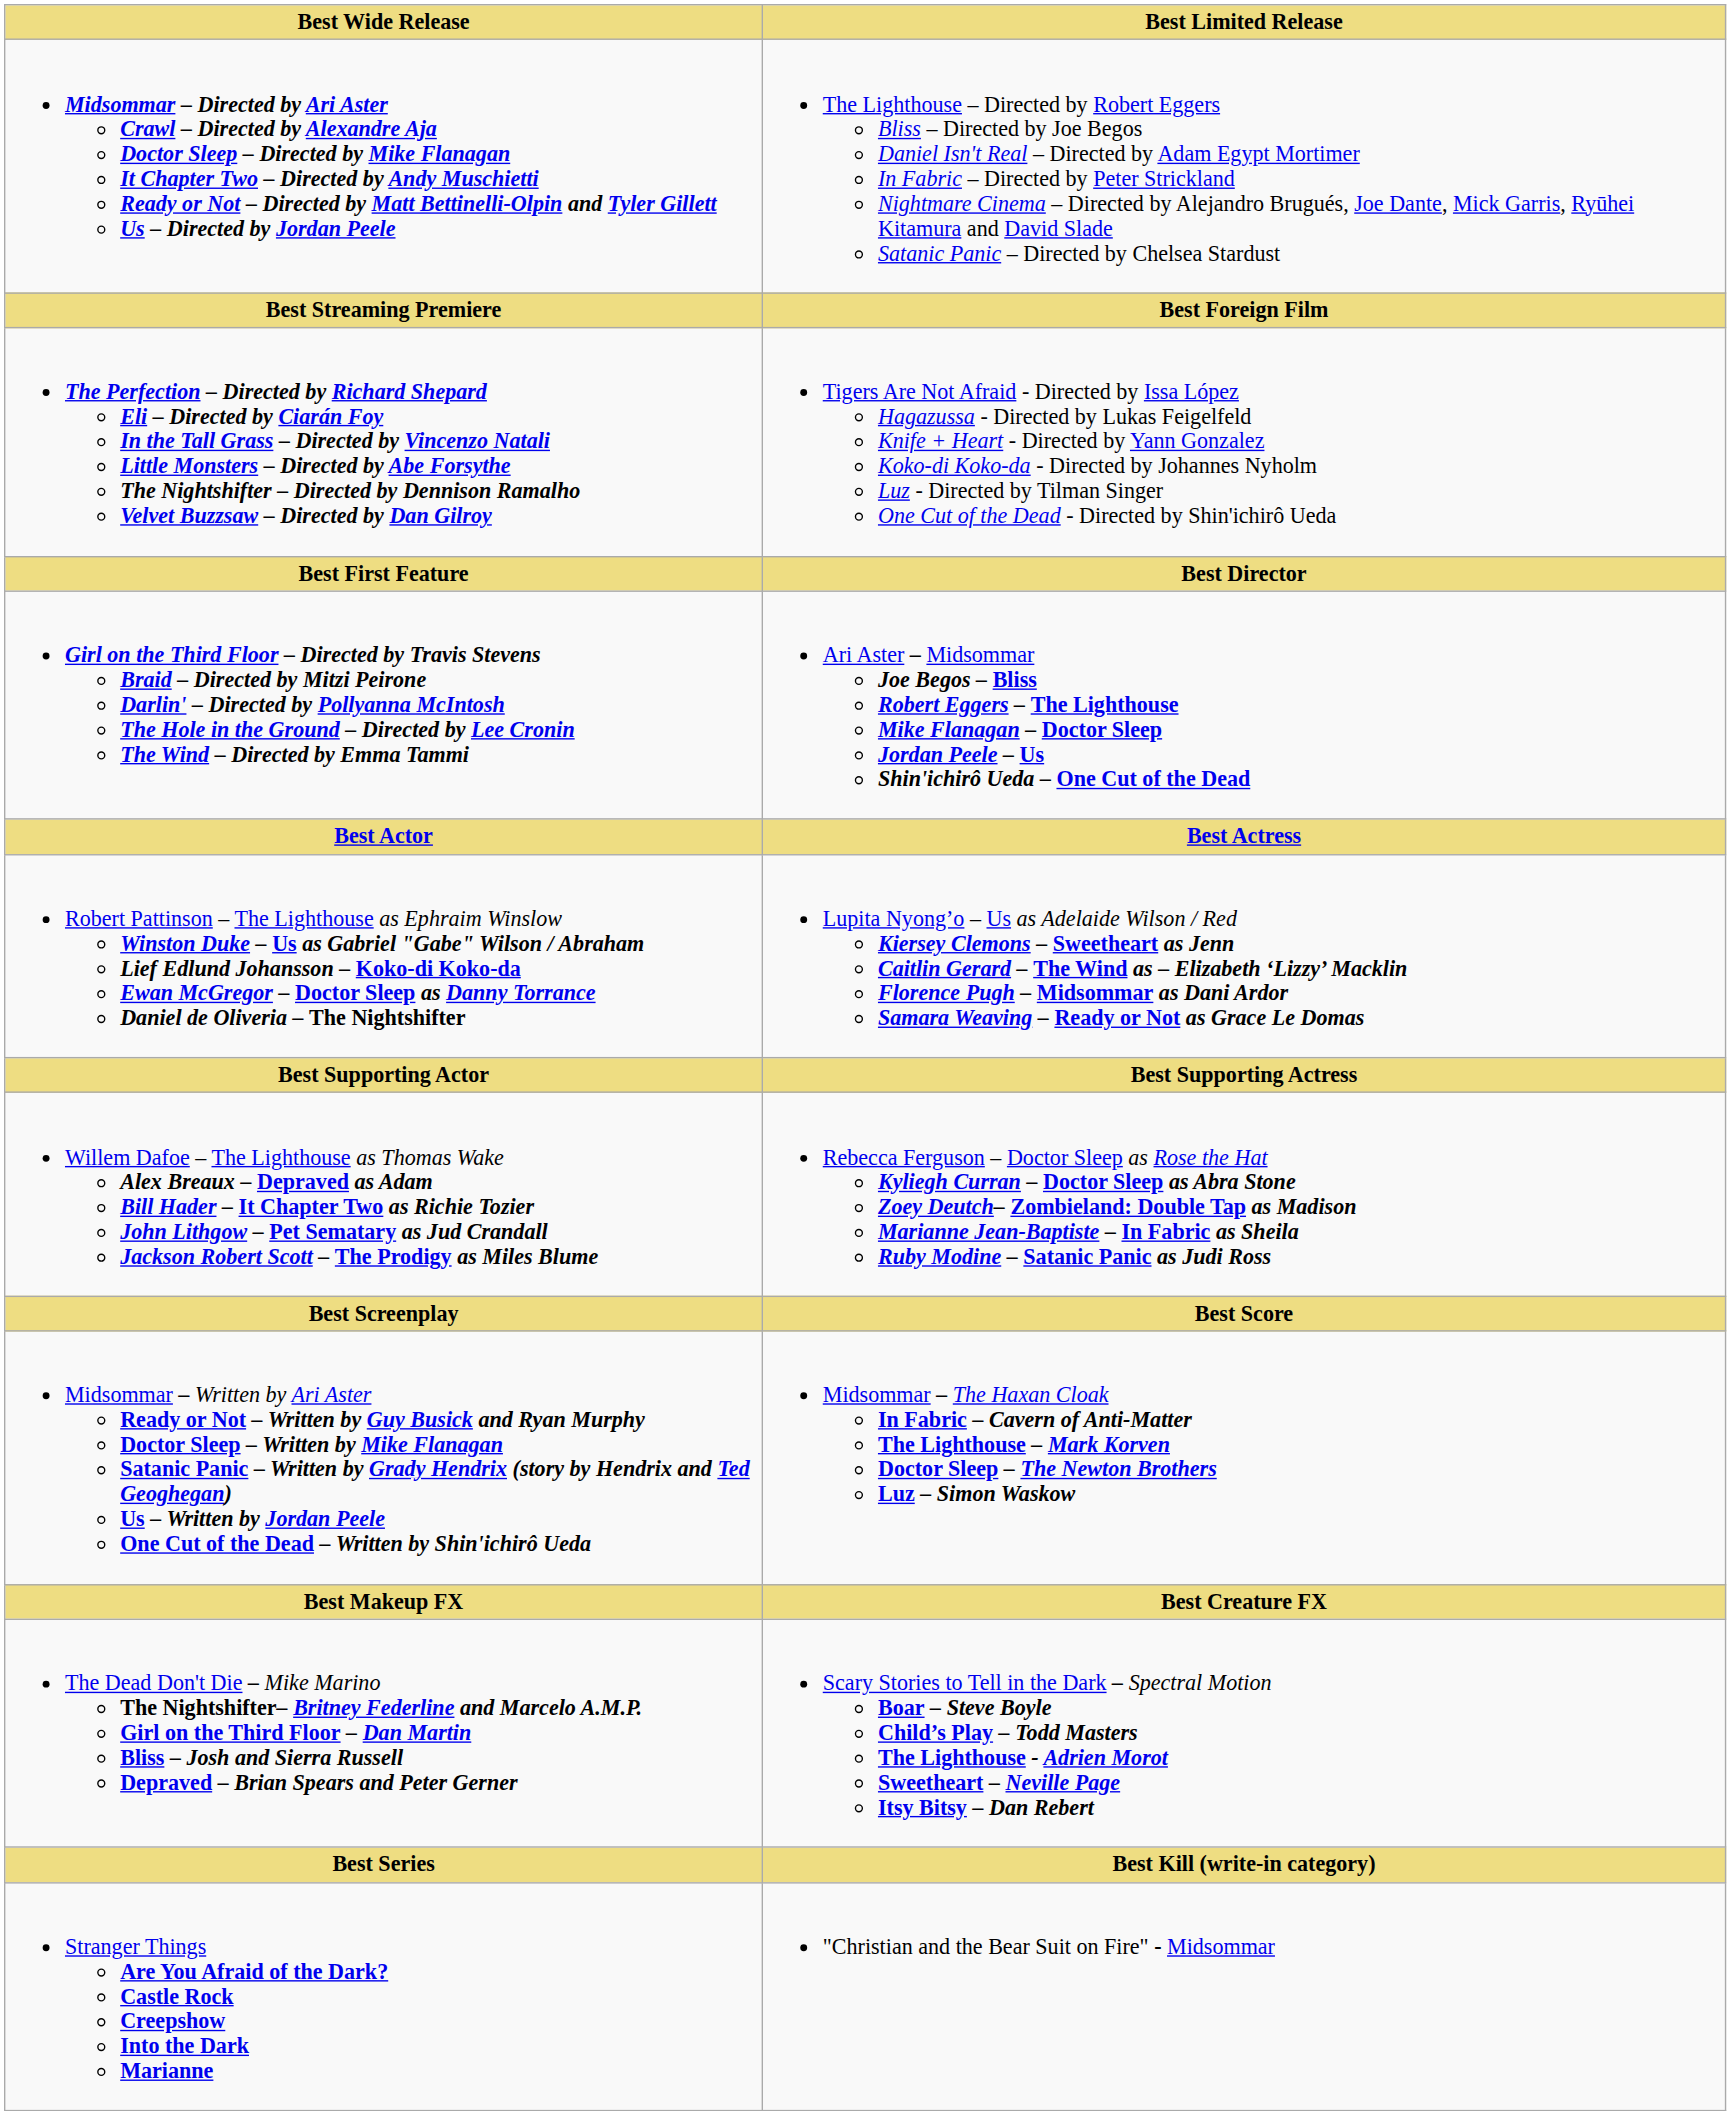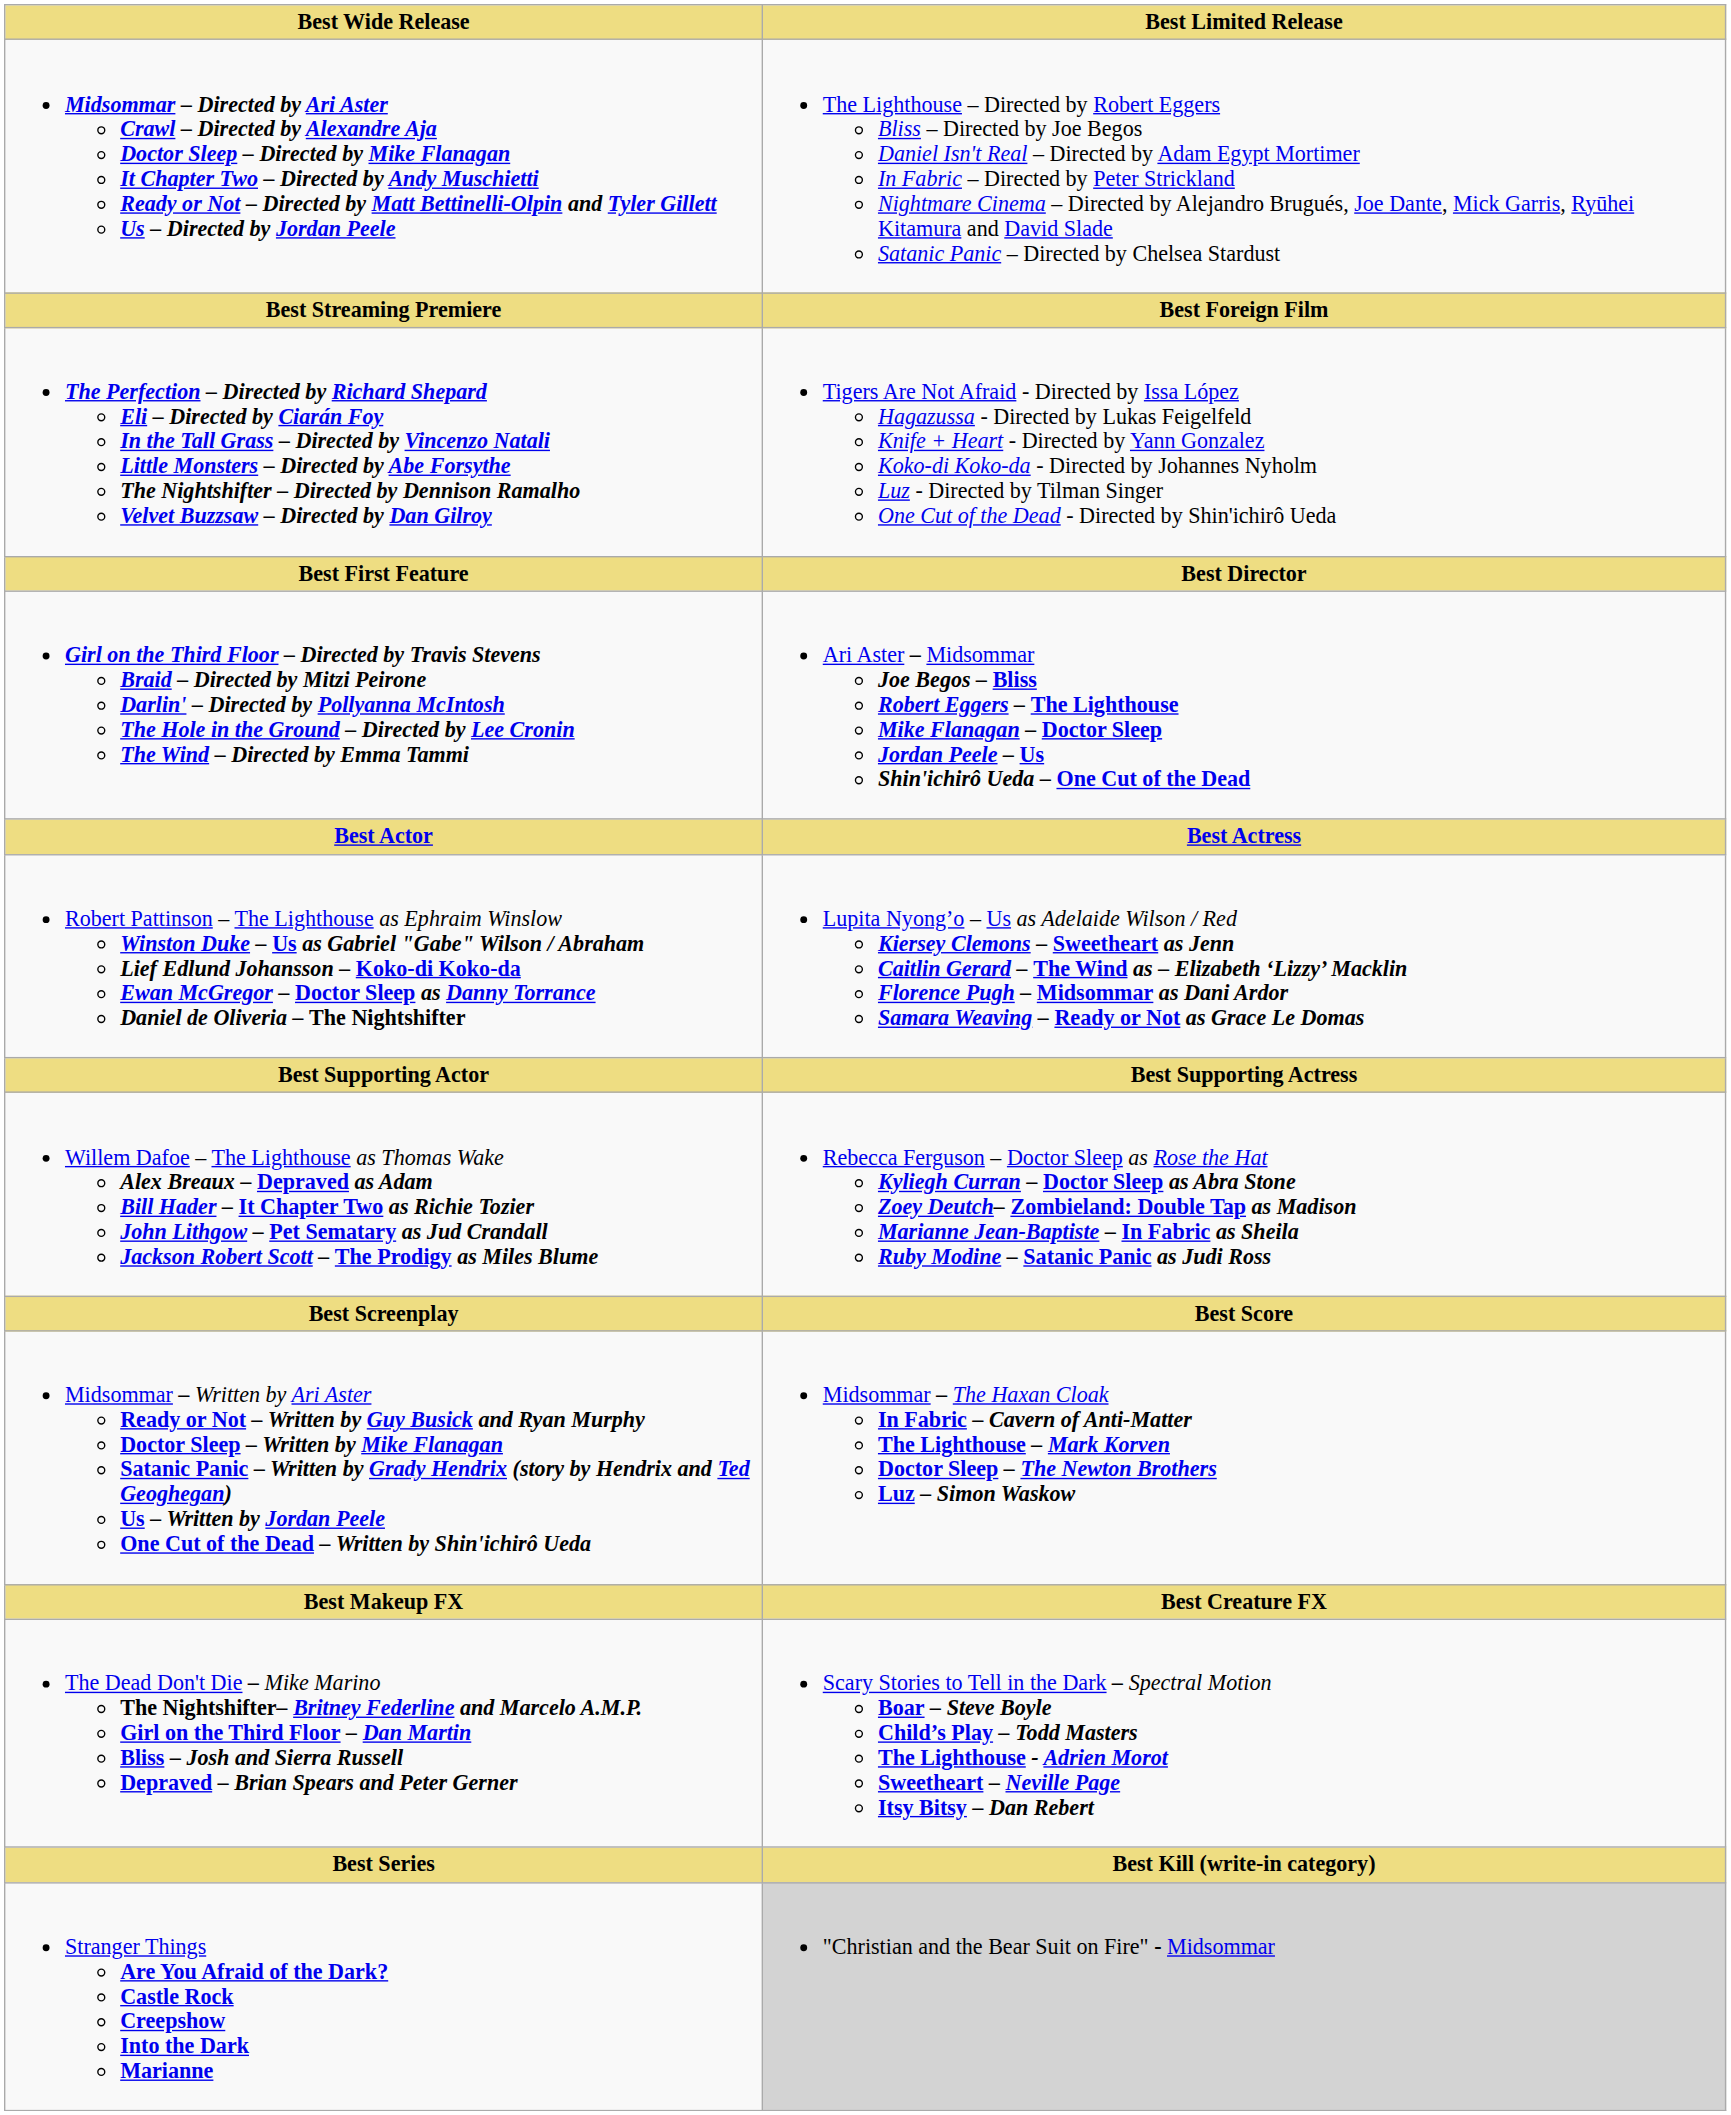 <table class=wikitable style="width="100%">
 <tr>
 <th style="background:#EEDD82">Best Wide Release</th>
 <th style="background:#EEDD82">Best Limited Release</th>
 </tr>
 <tr>
 <td valign="top"><br><ul><li><strong><em><a href='#'>Midsommar</a><em> – Directed by <a href='#'>Ari Aster</a><strong><ul><li></em><a href='#'>Crawl</a><em> – Directed by <a href='#'>Alexandre Aja</a></li><li></em><a href='#'>Doctor Sleep</a><em> – Directed by <a href='#'>Mike Flanagan</a></li><li></em><a href='#'>It Chapter Two</a><em> – Directed by <a href='#'>Andy Muschietti</a></li><li></em><a href='#'>Ready or Not</a><em> – Directed by <a href='#'>Matt Bettinelli-Olpin</a> and <a href='#'>Tyler Gillett</a></li><li></em><a href='#'>Us</a><em> – Directed by <a href='#'>Jordan Peele</a></li></ul></li></ul></td>
 <td valign="top"><br><ul><li></em></strong><a href='#'>The Lighthouse</a></em> – Directed by <a href='#'>Robert Eggers</a></strong><ul><li><em><a href='#'>Bliss</a></em> – Directed by Joe Begos</li><li><em><a href='#'>Daniel Isn't Real</a></em> – Directed by <a href='#'>Adam Egypt Mortimer</a></li><li><em><a href='#'>In Fabric</a></em> – Directed by <a href='#'>Peter Strickland</a></li><li><em><a href='#'>Nightmare Cinema</a></em> – Directed by Alejandro Brugués, <a href='#'>Joe Dante</a>, <a href='#'>Mick Garris</a>, <a href='#'>Ryūhei Kitamura</a> and <a href='#'>David Slade</a></li><li><em><a href='#'>Satanic Panic</a></em> – Directed by Chelsea Stardust</li></ul></li></ul></td>
 </tr>
 <tr>
 <th style="background:#EEDD82">Best Streaming Premiere</th>
 <th style="background:#EEDD82">Best Foreign Film</th>
 </tr>
 <tr>
 <td valign="top"><br><ul><li><strong><em><a href='#'>The Perfection</a><em> – Directed by <a href='#'>Richard Shepard</a><strong><ul><li></em><a href='#'>Eli</a><em> – </strong>Directed by <a href='#'>Ciarán Foy</a><strong></li><li></em><a href='#'>In the Tall Grass</a><em> – Directed by <a href='#'>Vincenzo Natali</a></li><li></em><a href='#'>Little Monsters</a><em> – Directed by <a href='#'>Abe Forsythe</a></li><li></em>The Nightshifter<em> – Directed by Dennison Ramalho</li><li></em><a href='#'>Velvet Buzzsaw</a><em> – Directed by <a href='#'>Dan Gilroy</a></li></ul></li></ul></td>
 <td valign="top"><br><ul><li></em></strong><a href='#'>Tigers Are Not Afraid</a></em> - Directed by <a href='#'>Issa López</a></strong><ul><li><em><a href='#'>Hagazussa</a></em> - Directed by Lukas Feigelfeld</li><li><em><a href='#'>Knife + Heart</a></em> - Directed by <a href='#'>Yann Gonzalez</a></li><li><em><a href='#'>Koko-di Koko-da</a></em> - Directed by Johannes Nyholm</li><li><em><a href='#'>Luz</a></em> - Directed by Tilman Singer</li><li><em><a href='#'>One Cut of the Dead</a></em> - Directed by Shin'ichirô Ueda</li></ul></li></ul></td>
 </tr>
 <tr>
 <th style="background:#EEDD82">Best First Feature</th>
 <th style="background:#EEDD82">Best Director</th>
 </tr>
 <tr>
 <td valign="top"><br><ul><li><strong><em><a href='#'>Girl on the Third Floor</a><em> – Directed by Travis Stevens<strong><ul><li></em><a href='#'>Braid</a><em> – Directed by Mitzi Peirone</li><li></em><a href='#'>Darlin'</a><em> – Directed by <a href='#'>Pollyanna McIntosh</a></li><li></em><a href='#'>The Hole in the Ground</a><em> – Directed by <a href='#'>Lee Cronin</a></li><li></em><a href='#'>The Wind</a><em> – Directed by Emma Tammi</li></ul></li></ul></td>
 <td valign="top"><br><ul><li></strong><a href='#'>Ari Aster</a><strong> – </em></strong><a href='#'>Midsommar</a><strong><em><ul><li>Joe Begos – </em><a href='#'>Bliss</a><em></li><li><a href='#'>Robert Eggers</a> – </em><a href='#'>The Lighthouse</a><em></li><li><a href='#'>Mike Flanagan</a> – </em><a href='#'>Doctor Sleep</a><em></li><li><a href='#'>Jordan Peele</a> – </em><a href='#'>Us</a><em></li><li>Shin'ichirô Ueda – </em><a href='#'>One Cut of the Dead</a><em></li></ul></li></ul></td>
 </tr>
 <tr>
 <th style="background:#EEDD82"><a href='#'>Best Actor</a></th>
 <th style="background:#EEDD82"><a href='#'>Best Actress</a></th>
 </tr>
 <tr>
 <td valign="top"><br><ul><li></strong><a href='#'>Robert Pattinson</a> – </em><a href='#'>The Lighthouse</a><em> as Ephraim Winslow<strong><ul><li><a href='#'>Winston Duke</a> – </em><a href='#'>Us</a><em> as Gabriel "Gabe" Wilson / Abraham</li><li>Lief Edlund Johansson – </em><a href='#'>Koko-di Koko-da</a><em></li><li><a href='#'>Ewan McGregor</a> – </em><a href='#'>Doctor Sleep</a><em> as <a href='#'>Danny Torrance</a></li><li>Daniel de Oliveria – </em>The Nightshifter<em></li></ul></li></ul></td>
 <td valign="top"><br><ul><li></strong><a href='#'>Lupita Nyong’o</a> – </em><a href='#'>Us</a><em> as Adelaide Wilson / Red<strong><ul><li><a href='#'>Kiersey Clemons</a> – </em><a href='#'>Sweetheart</a><em> as Jenn</li><li><a href='#'>Caitlin Gerard</a> – </em><a href='#'>The Wind</a><em> as – Elizabeth ‘Lizzy’ Macklin</li><li><a href='#'>Florence Pugh</a> – </em><a href='#'>Midsommar</a><em> as Dani Ardor</li><li><a href='#'>Samara Weaving</a> – </em><a href='#'>Ready or Not</a><em> as Grace Le Domas</li></ul></li></ul></td>
 </tr>
 <tr>
 <th style="background:#EEDD82">Best Supporting Actor</th>
 <th style="background:#EEDD82">Best Supporting Actress</th>
 </tr>
 <tr>
 <td valign="top"><br><ul><li></strong><a href='#'>Willem Dafoe</a> – </em><a href='#'>The Lighthouse</a><em> as Thomas Wake<strong><ul><li>Alex Breaux – </em><a href='#'>Depraved</a><em> as Adam</li><li><a href='#'>Bill Hader</a> – </em><a href='#'>It Chapter Two</a><em> as Richie Tozier</li><li><a href='#'>John Lithgow</a> – </em><a href='#'>Pet Sematary</a><em> as Jud Crandall</li><li><a href='#'>Jackson Robert Scott</a> – </em><a href='#'>The Prodigy</a><em> as Miles Blume</li></ul></li></ul></td>
 <td valign="top"><br><ul><li></strong><a href='#'>Rebecca Ferguson</a> – </em><a href='#'>Doctor Sleep</a><em> as <a href='#'>Rose the Hat</a><strong><ul><li><a href='#'>Kyliegh Curran</a> – </em><a href='#'>Doctor Sleep</a><em> as Abra Stone</li><li><a href='#'>Zoey Deutch</a>– </em><a href='#'>Zombieland: Double Tap</a><em> as Madison</li><li><a href='#'>Marianne Jean-Baptiste</a> – </em><a href='#'>In Fabric</a><em> as Sheila</li><li><a href='#'>Ruby Modine</a> – </em><a href='#'>Satanic Panic</a><em> as Judi Ross</li></ul></li></ul></td>
 </tr>
 <tr>
 <th style="background:#EEDD82">Best Screenplay</th>
 <th style="background:#EEDD82">Best Score</th>
 </tr>
 <tr>
 <td valign="top"><br><ul><li></em></strong><a href='#'>Midsommar</a><strong><em> – </strong>Written by <a href='#'>Ari Aster</a><strong><ul><li></em><a href='#'>Ready or Not</a><em> – Written by <a href='#'>Guy Busick</a> and Ryan Murphy</li><li></em><a href='#'>Doctor Sleep</a><em> – Written by <a href='#'>Mike Flanagan</a></li><li></em><a href='#'>Satanic Panic</a><em> – Written by <a href='#'>Grady Hendrix</a> (story by Hendrix and <a href='#'>Ted Geoghegan</a>)</li><li></em><a href='#'>Us</a><em> – Written by <a href='#'>Jordan Peele</a></li><li></em><a href='#'>One Cut of the Dead</a><em> – Written by Shin'ichirô Ueda</li></ul></li></ul></td>
 <td valign="top"><br><ul><li></em></strong><a href='#'>Midsommar</a><strong><em> – </strong><a href='#'>The Haxan Cloak</a><strong><ul><li></em><a href='#'>In Fabric</a><em> – Cavern of Anti-Matter</li><li></em><a href='#'>The Lighthouse</a><em> – <a href='#'>Mark Korven</a></li><li></em><a href='#'>Doctor Sleep</a><em> – <a href='#'>The Newton Brothers</a></li><li></em><a href='#'>Luz</a><em> – Simon Waskow</li></ul></li></ul></td>
 </tr>
 <tr>
 <th style="background:#EEDD82">Best Makeup FX</th>
 <th style="background:#EEDD82">Best Creature FX</th>
 </tr>
 <tr>
 <td valign="top"><br><ul><li></em></strong><a href='#'>The Dead Don't Die</a><strong><em> – </strong>Mike Marino<strong><ul><li></em>The Nightshifter<em>– <a href='#'>Britney Federline</a> and Marcelo A.M.P.</li><li></em><a href='#'>Girl on the Third Floor</a><em> – <a href='#'>Dan Martin</a></li><li></em><a href='#'>Bliss</a><em> – Josh and Sierra Russell</li><li></em><a href='#'>Depraved</a><em> – Brian Spears and Peter Gerner</li></ul></li></ul></td>
 <td valign="top"><br><ul><li></em></strong><a href='#'>Scary Stories to Tell in the Dark</a><strong><em> – </strong>Spectral Motion<strong><ul><li></em><a href='#'>Boar</a><em> – Steve Boyle</li><li></em><a href='#'>Child’s Play</a><em> – Todd Masters</li><li></em><a href='#'>The Lighthouse</a><em> - <a href='#'>Adrien Morot</a></li><li></em><a href='#'>Sweetheart</a><em> – <a href='#'>Neville Page</a></li><li></em><a href='#'>Itsy Bitsy</a><em> – Dan Rebert</li></ul></li></ul></td>
 </tr>
 <tr>
 <th style="background:#EEDD82">Best Series</th>
 <th style="background:#EEDD82">Best Kill (write-in category)</th>
 </tr>
 <tr>
 <td valign="top"><br><ul><li></em></strong><a href='#'>Stranger Things</a><strong><em><ul><li></em><a href='#'>Are You Afraid of the Dark?</a><em></li><li></em><a href='#'>Castle Rock</a><em></li><li></em><a href='#'>Creepshow</a><em></li><li></em><a href='#'>Into the Dark</a><em></li><li></em><a href='#'>Marianne</a><em></li></ul></li></ul></td>
-<td valign="top"><br><ul><li></strong>"Christian and the Bear Suit on Fire"<strong> - </em></strong><a href='#'>Midsommar</a><strong><em></li></ul></td>
+<td valign="top" style="background: lightgrey;"><br><ul><li></strong>"Christian and the Bear Suit on Fire"<strong> - </em></strong><a href='#'>Midsommar</a><strong><em></li></ul></td>
 </tr>
 </table>
